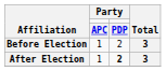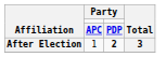 <table class=wikitable style="text-align:center">
 <tr style="vertical-align:bottom;">
 <th rowspan=3>Affiliation</th>
 <th colspan=2>Party</th>
 <th rowspan=3>Total</th>
 </tr>
 <tr>
 <td style="background-color:"></td>
 <td style="background-color:"></td>
 </tr>
 <tr>
 <th><a href='#'>APC</a></th>
 <th><a href='#'>PDP</a></th>
 </tr>
 <tr>
-<th>Before Election</th>
-<td>1</td>
-<td>2</td>
-<th>3</th>
-</tr>
-<tr>
 <th>After Election</th>
 <td>1</td>
 <td><strong>2</strong></td>
 <th>3</th>
 </tr>
 <tr>
 </tr>
 </table>
